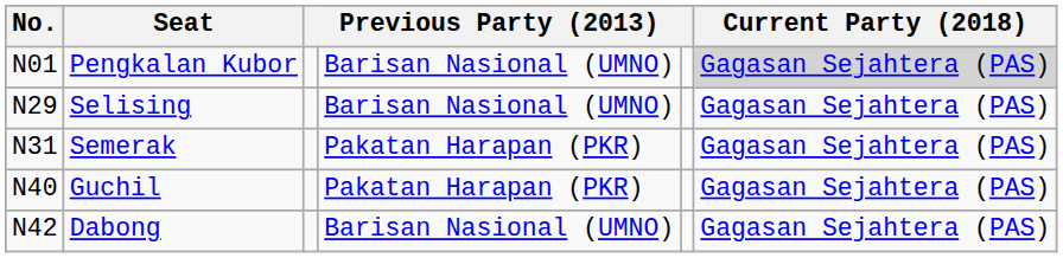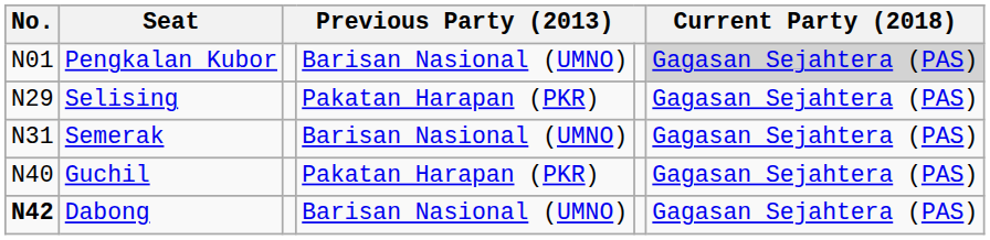 <table class="wikitable sortable" style="font-size:95%;">
 <tr>
 <th scope="col">No.</th>
 <th scope="col">Seat</th>
 <th colspan="3" scope="col">Previous Party (2013)</th>
 <th colspan="3" scope="col">Current Party (2018)</th>
 </tr>
 <tr>
 <td>N01</td>
 <td> <a href='#'>Pengkalan Kubor</a></td>
 <td width="1"></td>
 <td><a href='#'>Barisan Nasional</a> (<a href='#'>UMNO</a>)</td>
 <td width="1"></td>
 <td style="background: lightgrey;"><a href='#'>Gagasan Sejahtera</a> (<a href='#'>PAS</a>)</td>
 </tr>
 <tr>
 <td>N29</td>
 <td> <a href='#'>Selising</a></td>
 <td width="1"></td>
-<td><a href='#'>Barisan Nasional</a> (<a href='#'>UMNO</a>)</td>
+<td><a href='#'>Pakatan Harapan</a> (<a href='#'>PKR</a>)</td>
 <td width="1"></td>
 <td><a href='#'>Gagasan Sejahtera</a> (<a href='#'>PAS</a>)</td>
 </tr>
 <tr>
 <td>N31</td>
 <td> <a href='#'>Semerak</a></td>
 <td width="1"></td>
-<td><a href='#'>Pakatan Harapan</a> (<a href='#'>PKR</a>)</td>
+<td><a href='#'>Barisan Nasional</a> (<a href='#'>UMNO</a>)</td>
 <td width="1"></td>
 <td><a href='#'>Gagasan Sejahtera</a> (<a href='#'>PAS</a>)</td>
 </tr>
 <tr>
 <td>N40</td>
 <td> <a href='#'>Guchil</a></td>
 <td width="1"></td>
 <td><a href='#'>Pakatan Harapan</a> (<a href='#'>PKR</a>)</td>
 <td width="1"></td>
 <td><a href='#'>Gagasan Sejahtera</a> (<a href='#'>PAS</a>)</td>
 </tr>
 <tr>
-<td>N42</td>
+<td><strong>N42</strong></td>
 <td> <a href='#'>Dabong</a></td>
 <td width="1"></td>
 <td><a href='#'>Barisan Nasional</a> (<a href='#'>UMNO</a>)</td>
 <td width="1"></td>
 <td><a href='#'>Gagasan Sejahtera</a> (<a href='#'>PAS</a>)</td>
 </tr>
 </table>
